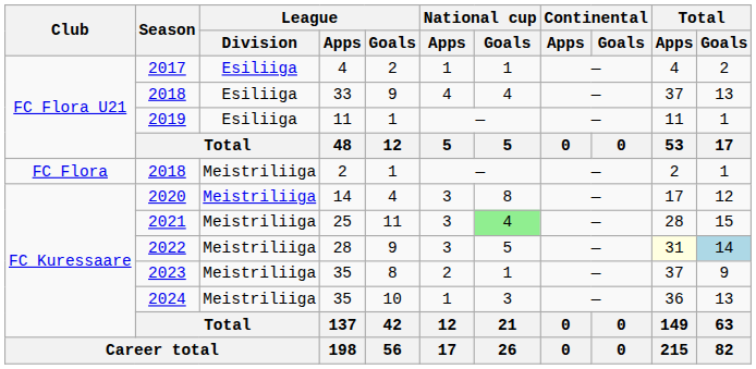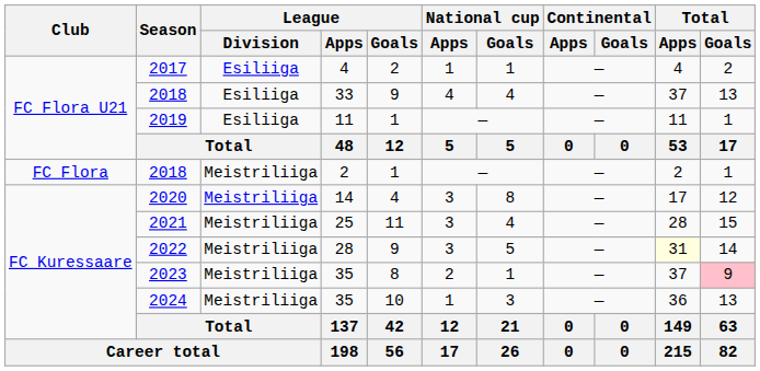 <table class="wikitable" style="text-align:center">
 <tr>
 <th rowspan="2">Club</th>
 <th rowspan="2">Season</th>
 <th colspan="3">League</th>
 <th colspan="2">National cup</th>
 <th colspan="2">Continental</th>
 <th colspan="2">Total</th>
 </tr>
 <tr>
 <th>Division</th>
 <th>Apps</th>
 <th>Goals</th>
 <th>Apps</th>
 <th>Goals</th>
 <th>Apps</th>
 <th>Goals</th>
 <th>Apps</th>
 <th>Goals</th>
 </tr>
 <tr>
 <td rowspan="4"><a href='#'>FC Flora U21</a></td>
 <td><a href='#'>2017</a></td>
 <td><a href='#'>Esiliiga</a></td>
 <td>4</td>
 <td>2</td>
 <td>1</td>
 <td>1</td>
 <td colspan="2">—</td>
 <td>4</td>
 <td>2</td>
 </tr>
 <tr>
 <td><a href='#'>2018</a></td>
 <td>Esiliiga</td>
 <td>33</td>
 <td>9</td>
 <td>4</td>
 <td>4</td>
 <td colspan="2">—</td>
 <td>37</td>
 <td>13</td>
 </tr>
 <tr>
 <td><a href='#'>2019</a></td>
 <td>Esiliiga</td>
 <td>11</td>
 <td>1</td>
 <td colspan="2">—</td>
 <td colspan="2">—</td>
 <td>11</td>
 <td>1</td>
 </tr>
 <tr>
 <th colspan="2">Total</th>
 <th>48</th>
 <th>12</th>
 <th>5</th>
 <th>5</th>
 <th>0</th>
 <th>0</th>
 <th>53</th>
 <th>17</th>
 </tr>
 <tr>
 <td><a href='#'>FC Flora</a></td>
 <td><a href='#'>2018</a></td>
 <td>Meistriliiga</td>
 <td>2</td>
 <td>1</td>
 <td colspan="2">—</td>
 <td colspan="2">—</td>
 <td>2</td>
 <td>1</td>
 </tr>
 <tr>
 <td rowspan="6"><a href='#'>FC Kuressaare</a></td>
 <td><a href='#'>2020</a></td>
 <td><a href='#'>Meistriliiga</a></td>
 <td>14</td>
 <td>4</td>
 <td>3</td>
 <td>8</td>
 <td colspan="2">—</td>
 <td>17</td>
 <td>12</td>
 </tr>
 <tr>
 <td><a href='#'>2021</a></td>
 <td>Meistriliiga</td>
 <td>25</td>
 <td>11</td>
 <td>3</td>
-<td style="background: lightgreen;">4</td>
+<td>4</td>
 <td colspan="2">—</td>
 <td>28</td>
 <td>15</td>
 </tr>
 <tr>
 <td><a href='#'>2022</a></td>
 <td>Meistriliiga</td>
 <td>28</td>
 <td>9</td>
 <td>3</td>
 <td>5</td>
 <td colspan="2">—</td>
 <td style="background: lightyellow;">31</td>
-<td style="background: lightblue;">14</td>
+<td>14</td>
 </tr>
 <tr>
 <td><a href='#'>2023</a></td>
 <td>Meistriliiga</td>
 <td>35</td>
 <td>8</td>
 <td>2</td>
 <td>1</td>
 <td colspan="2">—</td>
 <td>37</td>
-<td>9</td>
+<td style="background: pink;">9</td>
 </tr>
 <tr>
 <td><a href='#'>2024</a></td>
 <td>Meistriliiga</td>
 <td>35</td>
 <td>10</td>
 <td>1</td>
 <td>3</td>
 <td colspan="2">—</td>
 <td>36</td>
 <td>13</td>
 </tr>
 <tr>
 <th colspan="2">Total</th>
 <th>137</th>
 <th>42</th>
 <th>12</th>
 <th>21</th>
 <th>0</th>
 <th>0</th>
 <th>149</th>
 <th>63</th>
 </tr>
 <tr>
 <th colspan="3">Career total</th>
 <th>198</th>
 <th>56</th>
 <th>17</th>
 <th>26</th>
 <th>0</th>
 <th>0</th>
 <th>215</th>
 <th>82</th>
 </tr>
 </table>
